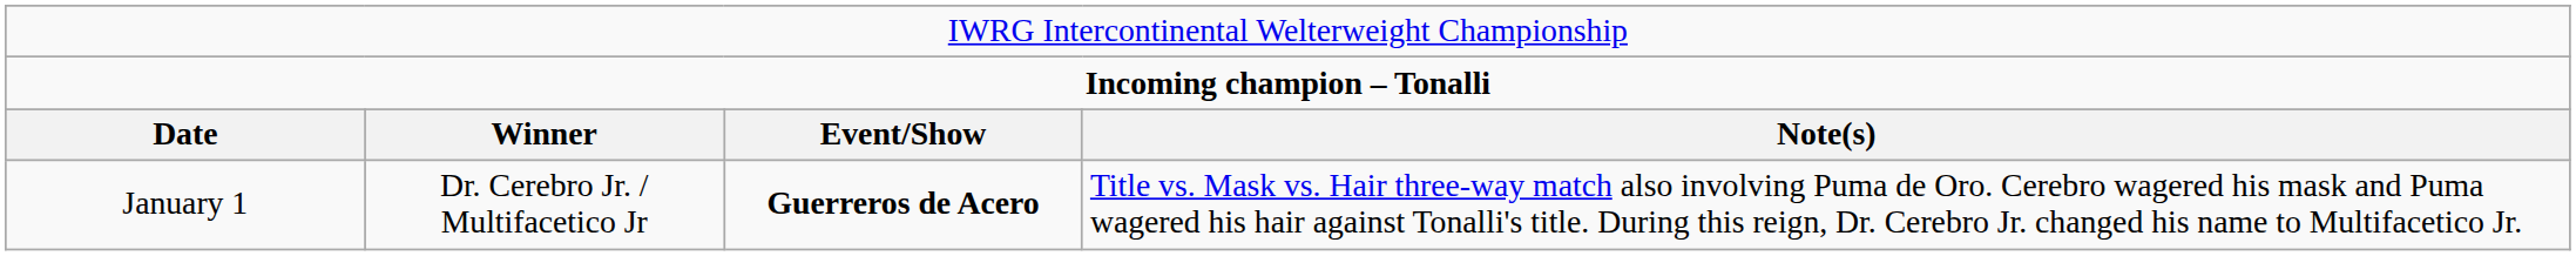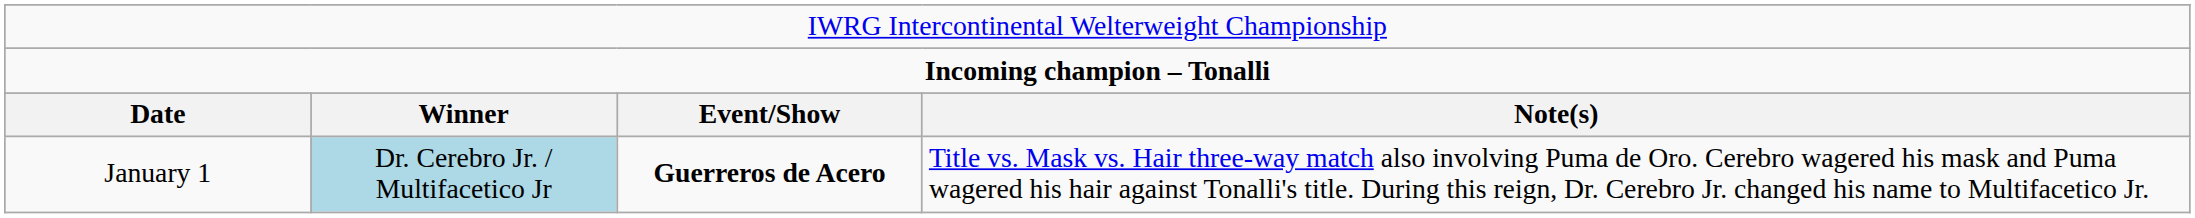 <table class="wikitable" style="text-align:center; width:100%;">
 <tr>
 <td colspan="4" style="text-align: center;"><a href='#'>IWRG Intercontinental Welterweight Championship</a></td>
 </tr>
 <tr>
 <td colspan="4" style="text-align: center;"><strong>Incoming champion – Tonalli</strong></td>
 </tr>
 <tr>
 <th width=14%>Date</th>
 <th width=14%>Winner</th>
 <th width=14%>Event/Show</th>
 <th width=58%>Note(s)</th>
 </tr>
 <tr>
 <td>January 1</td>
-<td>Dr. Cerebro Jr. / Multifacetico Jr</td>
+<td style="background: lightblue;">Dr. Cerebro Jr. / Multifacetico Jr</td>
 <td><strong>Guerreros de Acero</strong></td>
 <td align=left><a href='#'>Title vs. Mask vs. Hair three-way match</a> also involving Puma de Oro. Cerebro wagered his mask and Puma wagered his hair against Tonalli's title. During this reign, Dr. Cerebro Jr. changed his name to Multifacetico Jr.</td>
 </tr>
 </table>
